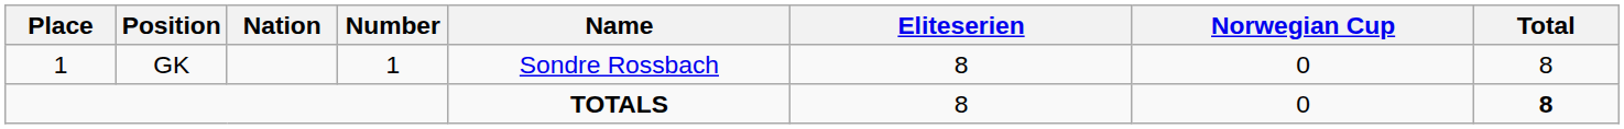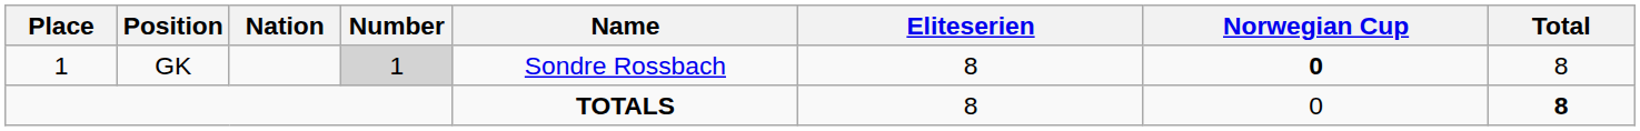 <table class="wikitable" style="font-size: 95%; text-align: center;">
 <tr>
 <th width=60>Place</th>
 <th width=60>Position</th>
 <th width=60>Nation</th>
 <th width=60>Number</th>
 <th width=200>Name</th>
 <th width=200><a href='#'>Eliteserien</a></th>
 <th width=200><a href='#'>Norwegian Cup</a></th>
 <th width=80><strong>Total</strong></th>
 </tr>
 <tr>
 <td>1</td>
 <td>GK</td>
 <td></td>
-<td>1</td>
+<td style="background: lightgrey;">1</td>
 <td><a href='#'>Sondre Rossbach</a></td>
 <td>8</td>
-<td>0</td>
+<td><strong>0</strong></td>
 <td>8</td>
 </tr>
 <tr>
 <td colspan="4"></td>
 <td><strong>TOTALS</strong></td>
 <td>8</td>
 <td>0</td>
 <td><strong>8</strong></td>
 </tr>
 </table>
